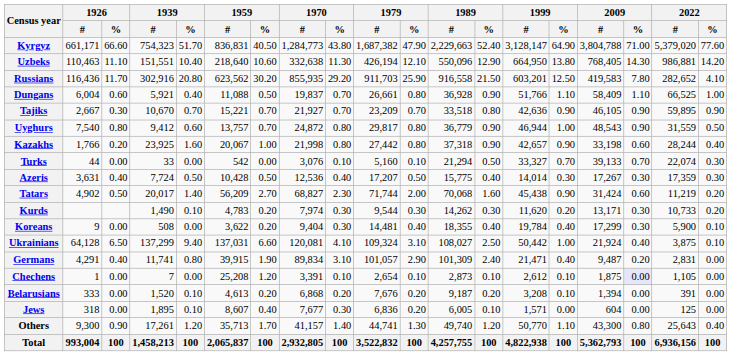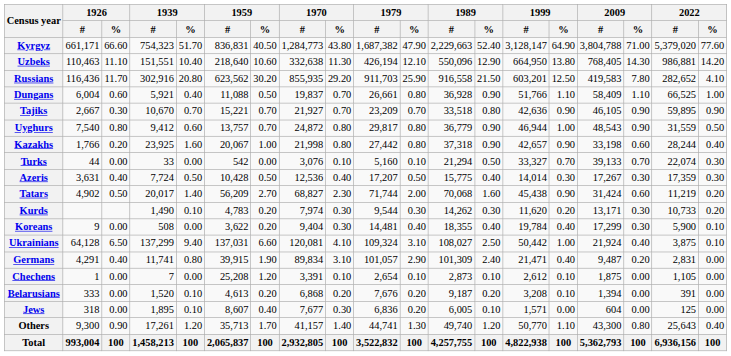 <table class="wikitable" style="text-align:right;">
 <tr>
 <th rowspan=2>Census year</th>
 <th colspan=2>1926</th>
 <th colspan=2>1939</th>
 <th colspan=2>1959</th>
 <th colspan=2>1970</th>
 <th colspan=2>1979</th>
 <th colspan=2>1989</th>
 <th colspan=2>1999</th>
 <th colspan=2>2009</th>
 <th colspan=2>2022</th>
 </tr>
 <tr>
 <th>#</th>
 <th>%</th>
 <th>#</th>
 <th>%</th>
 <th>#</th>
 <th>%</th>
 <th>#</th>
 <th>%</th>
 <th>#</th>
 <th>%</th>
 <th>#</th>
 <th>%</th>
 <th>#</th>
 <th>%</th>
 <th>#</th>
 <th>%</th>
 <th>#</th>
 <th>%</th>
 </tr>
 <tr>
 <th><a href='#'>Kyrgyz</a></th>
 <td>661,171</td>
 <td>66.60</td>
 <td>754,323</td>
 <td>51.70</td>
 <td>836,831</td>
 <td>40.50</td>
 <td>1,284,773</td>
 <td>43.80</td>
 <td>1,687,382</td>
 <td>47.90</td>
 <td>2,229,663</td>
 <td>52.40</td>
 <td>3,128,147</td>
 <td>64.90</td>
 <td>3,804,788</td>
 <td>71.00</td>
 <td>5,379,020</td>
 <td>77.60</td>
 </tr>
 <tr>
 <th><a href='#'>Uzbeks</a></th>
 <td>110,463</td>
 <td>11.10</td>
 <td>151,551</td>
 <td>10.40</td>
 <td>218,640</td>
 <td>10.60</td>
 <td>332,638</td>
 <td>11.30</td>
 <td>426,194</td>
 <td>12.10</td>
 <td>550,096</td>
 <td>12.90</td>
 <td>664,950</td>
 <td>13.80</td>
 <td>768,405</td>
 <td>14.30</td>
 <td>986,881</td>
 <td>14.20</td>
 </tr>
 <tr>
 <th><a href='#'>Russians</a></th>
 <td>116,436</td>
 <td>11.70</td>
 <td>302,916</td>
 <td>20.80</td>
 <td>623,562</td>
 <td>30.20</td>
 <td>855,935</td>
 <td>29.20</td>
 <td>911,703</td>
 <td>25.90</td>
 <td>916,558</td>
 <td>21.50</td>
 <td>603,201</td>
 <td>12.50</td>
 <td>419,583</td>
 <td>7.80</td>
 <td>282,652</td>
 <td>4.10</td>
 </tr>
 <tr>
 <th><a href='#'>Dungans</a></th>
 <td>6,004</td>
 <td>0.60</td>
 <td>5,921</td>
 <td>0.40</td>
 <td>11,088</td>
 <td>0.50</td>
 <td>19,837</td>
 <td>0.70</td>
 <td>26,661</td>
 <td>0.80</td>
 <td>36,928</td>
 <td>0.90</td>
 <td>51,766</td>
 <td>1.10</td>
 <td>58,409</td>
 <td>1.10</td>
 <td>66,525</td>
 <td>1.00</td>
 </tr>
 <tr>
 <th><a href='#'>Tajiks</a></th>
 <td>2,667</td>
 <td>0.30</td>
 <td>10,670</td>
 <td>0.70</td>
 <td>15,221</td>
 <td>0.70</td>
 <td>21,927</td>
 <td>0.70</td>
 <td>23,209</td>
 <td>0.70</td>
 <td>33,518</td>
 <td>0.80</td>
 <td>42,636</td>
 <td>0.90</td>
 <td>46,105</td>
 <td>0.90</td>
 <td>59,895</td>
 <td>0.90</td>
 </tr>
 <tr>
 <th><a href='#'>Uyghurs</a></th>
 <td>7,540</td>
 <td>0.80</td>
 <td>9,412</td>
 <td>0.60</td>
 <td>13,757</td>
 <td>0.70</td>
 <td>24,872</td>
 <td>0.80</td>
 <td>29,817</td>
 <td>0.80</td>
 <td>36,779</td>
 <td>0.90</td>
 <td>46,944</td>
 <td>1.00</td>
 <td>48,543</td>
 <td>0.90</td>
 <td>31,559</td>
 <td>0.50</td>
 </tr>
 <tr>
 <th><a href='#'>Kazakhs</a></th>
 <td>1,766</td>
 <td>0.20</td>
 <td>23,925</td>
 <td>1.60</td>
 <td>20,067</td>
 <td>1.00</td>
 <td>21,998</td>
 <td>0.80</td>
 <td>27,442</td>
 <td>0.80</td>
 <td>37,318</td>
 <td>0.90</td>
 <td>42,657</td>
 <td>0.90</td>
 <td>33,198</td>
 <td>0.60</td>
 <td>28,244</td>
 <td>0.40</td>
 </tr>
 <tr>
 <th><a href='#'>Turks</a></th>
 <td>44</td>
 <td>0.00</td>
 <td>33</td>
 <td>0.00</td>
 <td>542</td>
 <td>0.00</td>
 <td>3,076</td>
 <td>0.10</td>
 <td>5,160</td>
 <td>0.10</td>
 <td>21,294</td>
 <td>0.50</td>
 <td>33,327</td>
 <td>0.70</td>
 <td>39,133</td>
 <td>0.70</td>
 <td>22,074</td>
 <td>0.30</td>
 </tr>
 <tr>
 <th><a href='#'>Azeris</a></th>
 <td>3,631</td>
 <td>0.40</td>
 <td>7,724</td>
 <td>0.50</td>
 <td>10,428</td>
 <td>0.50</td>
 <td>12,536</td>
 <td>0.40</td>
 <td>17,207</td>
 <td>0.50</td>
 <td>15,775</td>
 <td>0.40</td>
 <td>14,014</td>
 <td>0.30</td>
 <td>17,267</td>
 <td>0.30</td>
 <td>17,359</td>
 <td>0.30</td>
 </tr>
 <tr>
 <th><a href='#'>Tatars</a></th>
 <td>4,902</td>
 <td>0.50</td>
 <td>20,017</td>
 <td>1.40</td>
 <td>56,209</td>
 <td>2.70</td>
 <td>68,827</td>
 <td>2.30</td>
 <td>71,744</td>
 <td>2.00</td>
 <td>70,068</td>
 <td>1.60</td>
 <td>45,438</td>
 <td>0.90</td>
 <td>31,424</td>
 <td>0.60</td>
 <td>11,219</td>
 <td>0.20</td>
 </tr>
 <tr>
 <th><a href='#'>Kurds</a></th>
 <td></td>
 <td></td>
 <td>1,490</td>
 <td>0.10</td>
 <td>4,783</td>
 <td>0.20</td>
 <td>7,974</td>
 <td>0.30</td>
 <td>9,544</td>
 <td>0.30</td>
 <td>14,262</td>
 <td>0.30</td>
 <td>11,620</td>
 <td>0.20</td>
 <td>13,171</td>
 <td>0.30</td>
 <td>10,733</td>
 <td>0.20</td>
 </tr>
 <tr>
 <th><a href='#'>Koreans</a></th>
 <td>9</td>
 <td>0.00</td>
 <td>508</td>
 <td>0.00</td>
 <td>3,622</td>
 <td>0.20</td>
 <td>9,404</td>
 <td>0.30</td>
 <td>14,481</td>
 <td>0.40</td>
 <td>18,355</td>
 <td>0.40</td>
 <td>19,784</td>
 <td>0.40</td>
 <td>17,299</td>
 <td>0.30</td>
 <td>5,900</td>
 <td>0.10</td>
 </tr>
 <tr>
 <th><a href='#'>Ukrainians</a></th>
 <td>64,128</td>
 <td>6.50</td>
 <td>137,299</td>
 <td>9.40</td>
 <td>137,031</td>
 <td>6.60</td>
 <td>120,081</td>
 <td>4.10</td>
 <td>109,324</td>
 <td>3.10</td>
 <td>108,027</td>
 <td>2.50</td>
 <td>50,442</td>
 <td>1.00</td>
 <td>21,924</td>
 <td>0.40</td>
 <td>3,875</td>
 <td>0.10</td>
 </tr>
 <tr>
 <th><a href='#'>Germans</a></th>
 <td>4,291</td>
 <td>0.40</td>
 <td>11,741</td>
 <td>0.80</td>
 <td>39,915</td>
 <td>1.90</td>
 <td>89,834</td>
 <td>3.10</td>
 <td>101,057</td>
 <td>2.90</td>
 <td>101,309</td>
 <td>2.40</td>
 <td>21,471</td>
 <td>0.40</td>
 <td>9,487</td>
 <td>0.20</td>
 <td>2,831</td>
 <td>0.00</td>
 </tr>
 <tr>
 <th><a href='#'>Chechens</a></th>
 <td>1</td>
 <td>0.00</td>
 <td>7</td>
 <td>0.00</td>
 <td>25,208</td>
 <td>1.20</td>
 <td>3,391</td>
 <td>0.10</td>
 <td>2,654</td>
 <td>0.10</td>
 <td>2,873</td>
 <td>0.10</td>
 <td>2,612</td>
 <td>0.10</td>
 <td>1,875</td>
-<td style="background: lavender;">0.00</td>
+<td>0.00</td>
 <td>1,105</td>
 <td>0.00</td>
 </tr>
 <tr>
 <th><a href='#'>Belarusians</a></th>
 <td>333</td>
 <td>0.00</td>
 <td>1,520</td>
 <td>0.10</td>
 <td>4,613</td>
 <td>0.20</td>
 <td>6,868</td>
 <td>0.20</td>
 <td>7,676</td>
 <td>0.20</td>
 <td>9,187</td>
 <td>0.20</td>
 <td>3,208</td>
 <td>0.10</td>
 <td>1,394</td>
 <td>0.00</td>
 <td>391</td>
 <td>0.00</td>
 </tr>
 <tr>
 <th><a href='#'>Jews</a></th>
 <td>318</td>
 <td>0.00</td>
 <td>1,895</td>
 <td>0.10</td>
 <td>8,607</td>
 <td>0.40</td>
 <td>7,677</td>
 <td>0.30</td>
 <td>6,836</td>
 <td>0.20</td>
 <td>6,005</td>
 <td>0.10</td>
 <td>1,571</td>
 <td>0.00</td>
 <td>604</td>
 <td>0.00</td>
 <td>125</td>
 <td>0.00</td>
 </tr>
 <tr>
 <th>Others</th>
 <td>9,300</td>
 <td>0.90</td>
 <td>17,261</td>
 <td>1.20</td>
 <td>35,713</td>
 <td>1.70</td>
 <td>41,157</td>
 <td>1.40</td>
 <td>44,741</td>
 <td>1.30</td>
 <td>49,740</td>
 <td>1.20</td>
 <td>50,770</td>
 <td>1.10</td>
 <td>43,300</td>
 <td>0.80</td>
 <td>25,643</td>
 <td>0.40</td>
 </tr>
 <tr>
 <th>Total</th>
 <th>993,004</th>
 <th>100</th>
 <th>1,458,213</th>
 <th>100</th>
 <th>2,065,837</th>
 <th>100</th>
 <th>2,932,805</th>
 <th>100</th>
 <th>3,522,832</th>
 <th>100</th>
 <th>4,257,755</th>
 <th>100</th>
 <th>4,822,938</th>
 <th>100</th>
 <th>5,362,793</th>
 <th>100</th>
 <th>6,936,156</th>
 <th>100</th>
 </tr>
 </table>
